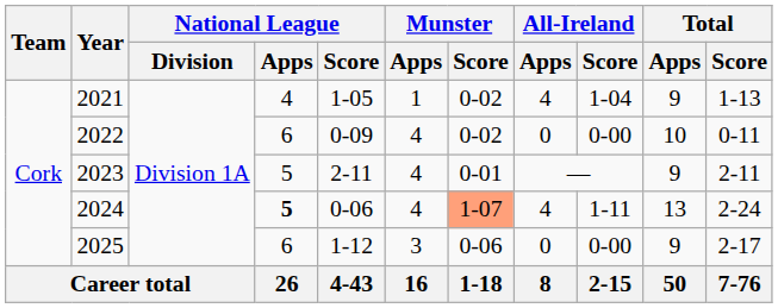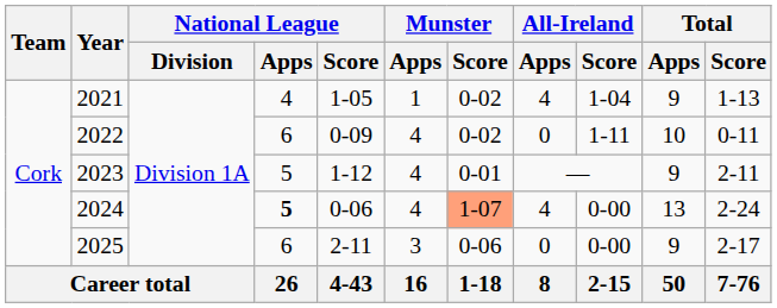 <table class="wikitable" style="text-align:center">
 <tr>
 <th rowspan="2">Team</th>
 <th rowspan="2">Year</th>
 <th colspan="3"><a href='#'>National League</a></th>
 <th colspan="2"><a href='#'>Munster</a></th>
 <th colspan="2"><a href='#'>All-Ireland</a></th>
 <th colspan="2">Total</th>
 </tr>
 <tr>
 <th>Division</th>
 <th>Apps</th>
 <th>Score</th>
 <th>Apps</th>
 <th>Score</th>
 <th>Apps</th>
 <th>Score</th>
 <th>Apps</th>
 <th>Score</th>
 </tr>
 <tr>
 <td rowspan="5"><a href='#'>Cork</a></td>
 <td>2021</td>
 <td rowspan="5"><a href='#'>Division 1A</a></td>
 <td>4</td>
 <td>1-05</td>
 <td>1</td>
 <td>0-02</td>
 <td>4</td>
 <td>1-04</td>
 <td>9</td>
 <td>1-13</td>
 </tr>
 <tr>
 <td>2022</td>
 <td>6</td>
 <td>0-09</td>
 <td>4</td>
 <td>0-02</td>
 <td>0</td>
-<td>0-00</td>
+<td>1-11</td>
 <td>10</td>
 <td>0-11</td>
 </tr>
 <tr>
 <td>2023</td>
 <td>5</td>
-<td>2-11</td>
+<td>1-12</td>
 <td>4</td>
 <td>0-01</td>
 <td colspan="2">—</td>
 <td>9</td>
 <td>2-11</td>
 </tr>
 <tr>
 <td>2024</td>
 <td><strong>5</strong></td>
 <td>0-06</td>
 <td>4</td>
 <td style="background: lightsalmon;">1-07</td>
 <td>4</td>
-<td>1-11</td>
+<td>0-00</td>
 <td>13</td>
 <td>2-24</td>
 </tr>
 <tr>
 <td>2025</td>
 <td>6</td>
-<td>1-12</td>
+<td>2-11</td>
 <td>3</td>
 <td>0-06</td>
 <td>0</td>
 <td>0-00</td>
 <td>9</td>
 <td>2-17</td>
 </tr>
 <tr>
 <th colspan="3">Career total</th>
 <th>26</th>
 <th>4-43</th>
 <th>16</th>
 <th>1-18</th>
 <th>8</th>
 <th>2-15</th>
 <th>50</th>
 <th>7-76</th>
 </tr>
 </table>
